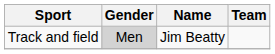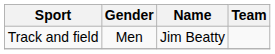 <table class="wikitable" style="text-align: center;">
 <tr>
 <th>Sport</th>
 <th>Gender</th>
 <th>Name</th>
 <th>Team</th>
 </tr>
 <tr>
 <td>Track and field</td>
-<td style="background: lightgrey;">Men</td>
+<td>Men</td>
 <td>Jim Beatty</td>
 <td></td>
 </tr>
 <tr>
 </tr>
 </table>
